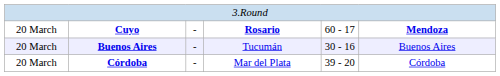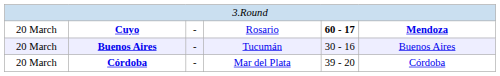 <table class="wikitable" style="text-align:center">
 <tr bgcolor="#CADFF0">
 <td style="font-size:100%"; align="center" colspan="6"><em>3.Round</em></td>
 </tr>
 <tr bgcolor=#FFFFFF>
 <td width=90>20 March</td>
 <td width=170><strong><a href='#'>Cuyo</a></strong></td>
 <td width=20>-</td>
-<td width=170><strong><a href='#'>Rosario</a></strong></td>
-<td width=50>60 - 17</td>
+<td width=170><a href='#'>Rosario</a></td>
+<td width=50><strong>60 - 17</strong></td>
 <td width=200><strong><a href='#'>Mendoza</a></strong></td>
 </tr>
 <tr bgcolor=#EEEEFF>
 <td width=90>20 March</td>
 <td width=170><strong><a href='#'>Buenos Aires</a></strong></td>
 <td width=20>-</td>
 <td width=170><a href='#'>Tucumán</a></td>
 <td width=50>30 - 16</td>
 <td width=200><a href='#'>Buenos Aires</a></td>
 </tr>
 <tr bgcolor=#FFFFFF>
 <td width=90>20 March</td>
 <td width=170><strong><a href='#'>Córdoba</a></strong></td>
 <td width=20>-</td>
 <td width=170><a href='#'>Mar del Plata</a></td>
 <td width=50>39 - 20</td>
 <td width=200><a href='#'>Córdoba</a></td>
 </tr>
 </table>
